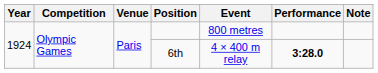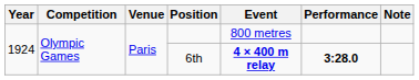 <table class="wikitable" width=55% style="font-size:90%; text-align:center;">
 <tr>
 <th>Year</th>
 <th>Competition</th>
 <th>Venue</th>
 <th>Position</th>
 <th>Event</th>
 <th>Performance</th>
 <th>Note</th>
 </tr>
 <tr>
 <td rowspan=2>1924</td>
 <td rowspan=2 align=left><a href='#'>Olympic Games</a></td>
 <td rowspan=2 align=left> <a href='#'>Paris</a></td>
 <td></td>
 <td><a href='#'>800 metres</a></td>
 <td></td>
 <td></td>
 </tr>
 <tr>
 <td>6th</td>
-<td><a href='#'>4 × 400 m relay</a></td>
+<td><strong><a href='#'>4 × 400 m relay</a></strong></td>
 <td><strong>3:28.0</strong></td>
 <td></td>
 </tr>
 </table>
